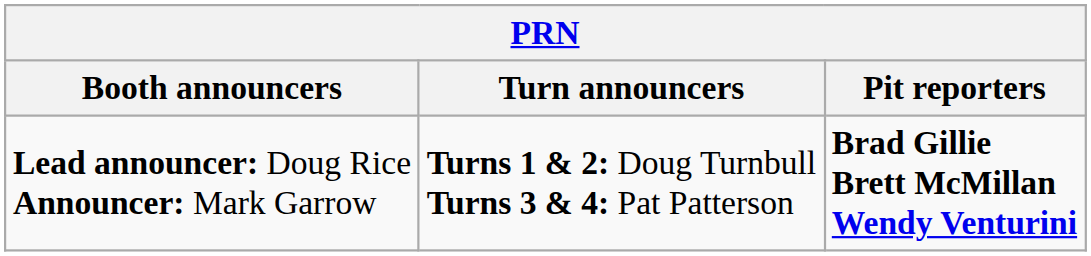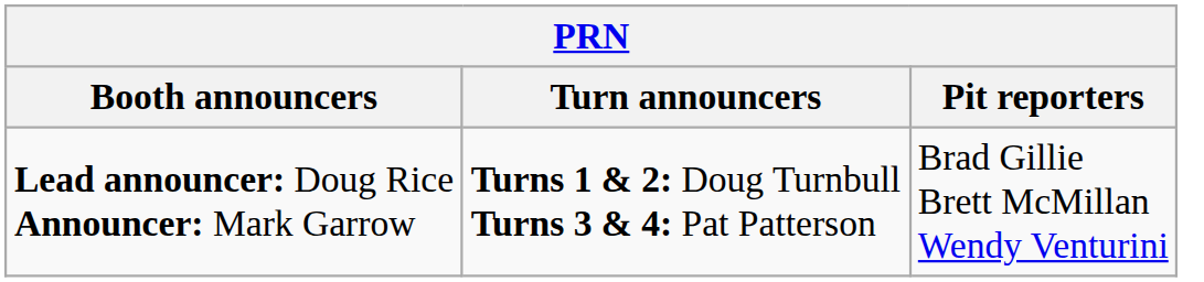 <table class="wikitable" style="font-size: 95%">
 <tr>
 <th colspan="3"><a href='#'>PRN</a></th>
 </tr>
 <tr>
 <th>Booth announcers</th>
 <th>Turn announcers</th>
 <th>Pit reporters</th>
 </tr>
 <tr>
 <td><strong>Lead announcer:</strong> Doug Rice<br><strong>Announcer:</strong> Mark Garrow</td>
 <td><strong>Turns 1 & 2:</strong> Doug Turnbull<br><strong>Turns 3 & 4:</strong> Pat Patterson</td>
-<td><strong>Brad Gillie<br>Brett McMillan<br><a href='#'>Wendy Venturini</a></strong></td>
+<td>Brad Gillie<br>Brett McMillan<br><a href='#'>Wendy Venturini</a></td>
 </tr>
 </table>
